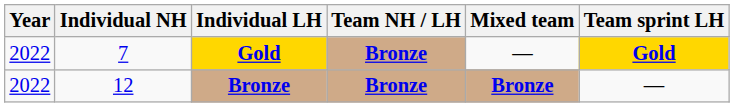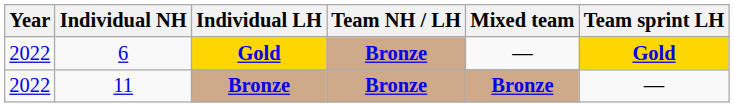 <table class="wikitable" "text-align:center;">
 <tr>
 <th>Year</th>
 <th>Individual NH</th>
 <th>Individual LH</th>
 <th>Team NH / LH</th>
 <th>Mixed team</th>
 <th>Team sprint LH</th>
 </tr>
 <tr align=center>
 <td><a href='#'>2022</a></td>
-<td><a href='#'>7</a></td>
+<td><a href='#'>6</a></td>
 <td style="background:gold;"><a href='#'><strong>Gold</strong></a></td>
 <td style="background:#cfaa88;"><a href='#'><strong>Bronze</strong></a></td>
 <td>—</td>
 <td style="background:gold;"><a href='#'><strong>Gold</strong></a></td>
 </tr>
 <tr align=center>
 <td><a href='#'>2022</a></td>
-<td><a href='#'>12</a></td>
+<td><a href='#'>11</a></td>
 <td style="background:#cfaa88;"><a href='#'><strong>Bronze</strong></a></td>
 <td style="background:#cfaa88;"><a href='#'><strong>Bronze</strong></a></td>
 <td style="background:#cfaa88;"><a href='#'><strong>Bronze</strong></a></td>
 <td>—</td>
 </tr>
 </table>
